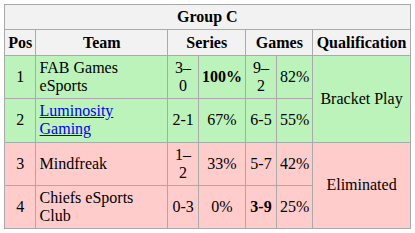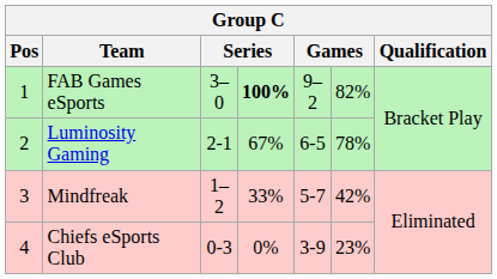 <table class="wikitable" style="display: inline-table;width: 46%;">
 <tr>
 <th colspan="7">Group C</th>
 </tr>
 <tr>
 <th>Pos</th>
 <th>Team</th>
 <th colspan="2">Series</th>
 <th colspan="2">Games</th>
 <th>Qualification</th>
 </tr>
 <tr>
 <td style="text-align:center; background:#BBF3BB;">1</td>
 <td style="text-align:left; background:#BBF3BB;">FAB Games eSports</td>
 <td style="text-align:center; background:#BBF3BB;">3–0</td>
 <td style="text-align:center; background:#BBF3BB;"><strong>100%</strong></td>
 <td style="text-align:center; background:#BBF3BB;">9–2</td>
 <td style="text-align:center; background:#BBF3BB;">82%</td>
 <td style="text-align:center; background:#BBF3BB;" rowspan="2">Bracket Play</td>
 </tr>
 <tr>
 <td style="text-align:center; background:#BBF3BB;">2</td>
 <td style="text-align:left; background:#BBF3BB;"><a href='#'>Luminosity Gaming</a></td>
 <td style="text-align:center; background:#BBF3BB;">2-1</td>
 <td style="text-align:center; background:#BBF3BB;">67%</td>
 <td style="text-align:center; background:#BBF3BB;">6-5</td>
-<td style="text-align:center; background:#BBF3BB;">55%</td>
+<td style="text-align:center; background:#BBF3BB;">78%</td>
 </tr>
 <tr>
 <td style="text-align:center; background:#FFCCCC;">3</td>
 <td style="text-align:left; background:#FFCCCC;">Mindfreak</td>
 <td style="text-align:center; background:#FFCCCC;">1–2</td>
 <td style="text-align:center; background:#FFCCCC;">33%</td>
 <td style="text-align:center; background:#FFCCCC;">5-7</td>
 <td style="text-align:center; background:#FFCCCC;">42%</td>
 <td style="text-align:center; background:#FFCCCC;" rowspan="2">Eliminated</td>
 </tr>
 <tr>
 <td style="text-align:center; background:#FFCCCC;">4</td>
 <td style="text-align:left; background:#FFCCCC;">Chiefs eSports Club</td>
 <td style="text-align:center; background:#FFCCCC;">0-3</td>
 <td style="text-align:center; background:#FFCCCC;">0%</td>
-<td style="text-align:center; background:#FFCCCC;"><strong>3-9</strong></td>
-<td style="text-align:center; background:#FFCCCC;">25%</td>
+<td style="text-align:center; background:#FFCCCC;">3-9</td>
+<td style="text-align:center; background:#FFCCCC;">23%</td>
 </tr>
 </table>
